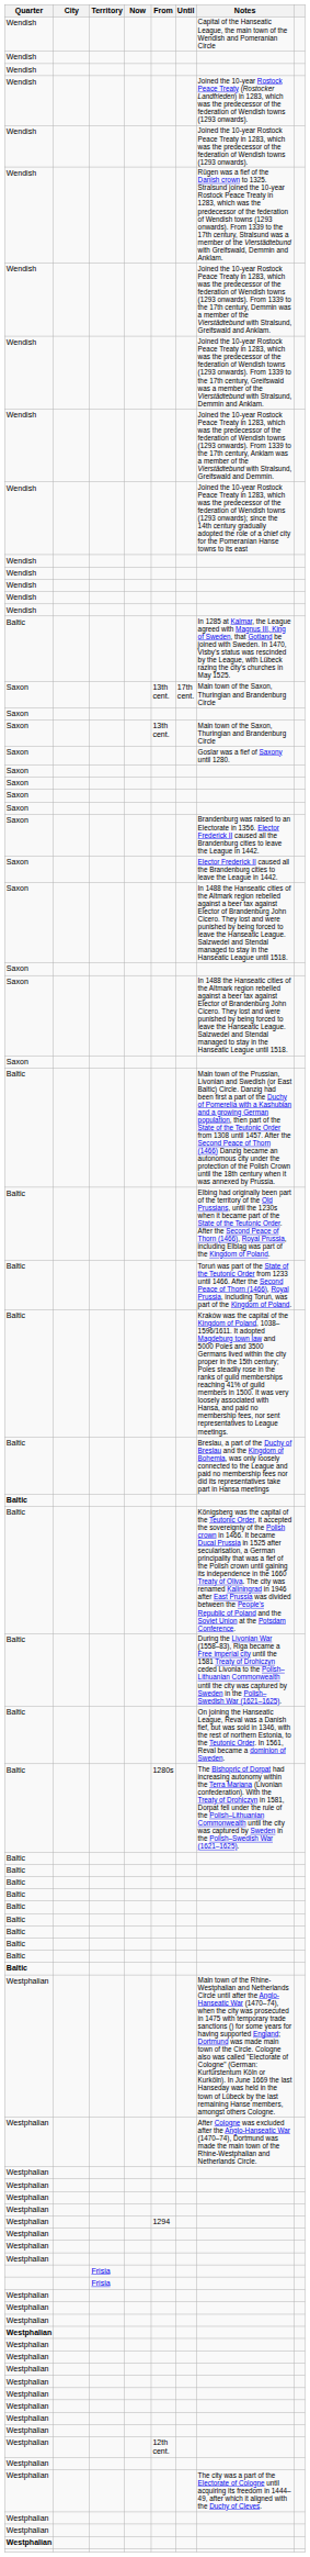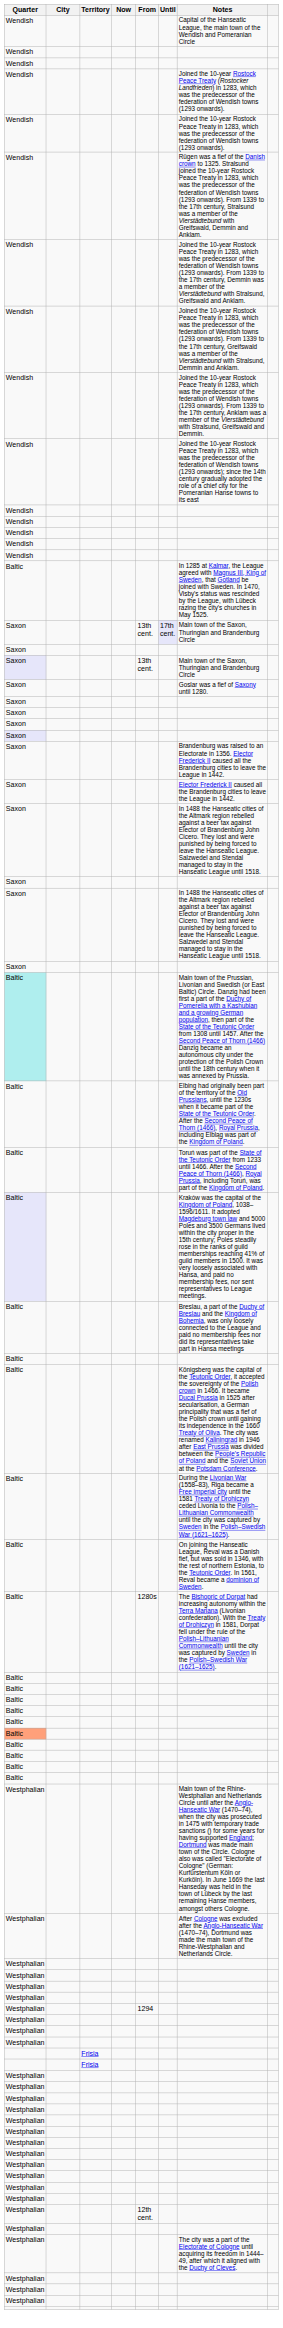 <table class="sortable wikitable" style="width: 100%">
 <tr>
 <th style="width: 10%; ">Quarter</th>
 <th style="width: 15%; ">City</th>
 <th style="width: 10%; ">Territory</th>
 <th style="width: 10%; ">Now</th>
 <th style="width: 5%; ">From</th>
 <th style="width: 5%; ">Until</th>
 <th class="unsortable" style="width: 40%;">Notes</th>
 <th class="unsortable" style="width: 5%; "></th>
 </tr>
 <tr valign="top">
 <td>Wendish</td>
 <td></td>
 <td></td>
 <td></td>
 <td></td>
 <td></td>
 <td style="font-size: 90%;">Capital of the Hanseatic League, the main town of the Wendish and Pomeranian Circle</td>
 <td> </td>
 </tr>
 <tr valign="top">
 <td>Wendish</td>
 <td></td>
 <td></td>
 <td></td>
 <td></td>
 <td></td>
 <td style="font-size: 90%;"></td>
 <td> </td>
 </tr>
 <tr valign="top">
 <td>Wendish</td>
 <td></td>
 <td></td>
 <td></td>
 <td></td>
 <td></td>
 <td style="font-size: 90%;"></td>
 <td> </td>
 </tr>
 <tr valign="top">
 <td>Wendish</td>
 <td></td>
 <td></td>
 <td></td>
 <td></td>
 <td></td>
 <td style="font-size: 90%;">Joined the 10-year <a href='#'>Rostock Peace Treaty</a> (<em>Rostocker Landfrieden</em>) in 1283, which was the predecessor of the federation of Wendish towns (1293 onwards).</td>
 <td> </td>
 </tr>
 <tr valign="top">
 <td>Wendish</td>
 <td></td>
 <td></td>
 <td></td>
 <td></td>
 <td></td>
 <td style="font-size: 90%;">Joined the 10-year Rostock Peace Treaty in 1283, which was the predecessor of the federation of Wendish towns (1293 onwards).</td>
 <td> </td>
 </tr>
 <tr valign="top">
 <td>Wendish</td>
 <td></td>
 <td></td>
 <td></td>
 <td></td>
 <td></td>
 <td style="font-size: 90%;">Rügen was a fief of the <a href='#'>Danish crown</a> to 1325. Stralsund joined the 10-year Rostock Peace Treaty in 1283, which was the predecessor of the federation of Wendish towns (1293 onwards). From 1339 to the 17th century, Stralsund was a member of the <em>Vierstädtebund</em> with Greifswald, Demmin and Anklam.</td>
 <td> </td>
 </tr>
 <tr valign="top">
 <td>Wendish</td>
 <td></td>
 <td></td>
 <td></td>
 <td></td>
 <td></td>
 <td style="font-size: 90%;">Joined the 10-year Rostock Peace Treaty in 1283, which was the predecessor of the federation of Wendish towns (1293 onwards). From 1339 to the 17th century, Demmin was a member of the <em>Vierstädtebund</em> with Stralsund, Greifswald and Anklam.</td>
 <td> </td>
 </tr>
 <tr valign="top">
 <td>Wendish</td>
 <td></td>
 <td></td>
 <td></td>
 <td></td>
 <td></td>
 <td style="font-size: 90%;">Joined the 10-year Rostock Peace Treaty in 1283, which was the predecessor of the federation of Wendish towns (1293 onwards). From 1339 to the 17th century, Greifswald was a member of the <em>Vierstädtebund</em> with Stralsund, Demmin and Anklam.</td>
 <td> </td>
 </tr>
 <tr valign="top">
 <td>Wendish</td>
 <td></td>
 <td></td>
 <td></td>
 <td></td>
 <td></td>
 <td style="font-size: 90%;">Joined the 10-year Rostock Peace Treaty in 1283, which was the predecessor of the federation of Wendish towns (1293 onwards). From 1339 to the 17th century, Anklam was a member of the <em>Vierstädtebund</em> with Stralsund, Greifswald and Demmin.</td>
 <td> </td>
 </tr>
 <tr valign="top">
 <td>Wendish</td>
 <td></td>
 <td></td>
 <td></td>
 <td></td>
 <td></td>
 <td style="font-size: 90%;">Joined the 10-year Rostock Peace Treaty in 1283, which was the predecessor of the federation of Wendish towns (1293 onwards); since the 14th century gradually adopted the role of a chief city for the Pomeranian Hanse towns to its east</td>
 <td> </td>
 </tr>
 <tr valign="top">
 <td>Wendish</td>
 <td></td>
 <td></td>
 <td></td>
 <td></td>
 <td></td>
 <td></td>
 <td></td>
 </tr>
 <tr valign="top">
 <td>Wendish</td>
 <td></td>
 <td></td>
 <td></td>
 <td></td>
 <td></td>
 <td style="font-size: 90%;"></td>
 <td> </td>
 </tr>
 <tr valign="top">
 <td>Wendish</td>
 <td></td>
 <td></td>
 <td></td>
 <td></td>
 <td></td>
 <td style="font-size: 90%;"></td>
 <td> </td>
 </tr>
 <tr valign="top">
 <td>Wendish</td>
 <td></td>
 <td></td>
 <td></td>
 <td></td>
 <td></td>
 <td style="font-size: 90%;"></td>
 <td> </td>
 </tr>
 <tr valign="top">
 <td>Wendish</td>
 <td></td>
 <td></td>
 <td></td>
 <td></td>
 <td></td>
 <td style="font-size: 90%;"></td>
 <td> </td>
 </tr>
 <tr valign="top">
 <td>Baltic</td>
 <td></td>
 <td></td>
 <td></td>
 <td></td>
 <td></td>
 <td style="font-size: 90%;">In 1285 at <a href='#'>Kalmar</a>, the League agreed with <a href='#'>Magnus III, King of Sweden</a>, that <a href='#'>Gotland</a> be joined with Sweden. In 1470, Visby's status was rescinded by the League, with Lübeck razing the city's churches in May 1525.</td>
 <td> </td>
 </tr>
 <tr valign="top">
 <td>Saxon</td>
 <td></td>
 <td></td>
 <td></td>
 <td> 13th cent.</td>
-<td> 17th cent.</td>
+<td style="background: lavender;"> 17th cent.</td>
 <td style="font-size: 90%;">Main town of the Saxon, Thuringian and Brandenburg Circle</td>
 <td> </td>
 </tr>
 <tr valign="top">
 <td>Saxon</td>
 <td></td>
 <td></td>
 <td></td>
 <td></td>
 <td></td>
 <td style="font-size: 90%;"></td>
 <td> </td>
 </tr>
 <tr valign="top">
-<td>Saxon</td>
+<td style="background: lavender;">Saxon</td>
 <td></td>
 <td></td>
 <td></td>
 <td> 13th cent.</td>
 <td></td>
 <td style="font-size: 90%;">Main town of the Saxon, Thuringian and Brandenburg Circle</td>
 <td> </td>
 </tr>
 <tr valign="top">
 <td>Saxon</td>
 <td></td>
 <td></td>
 <td></td>
 <td></td>
 <td></td>
 <td style="font-size: 90%;">Goslar was a fief of <a href='#'>Saxony</a> until 1280.</td>
 <td> </td>
 </tr>
 <tr valign="top">
 <td>Saxon</td>
 <td></td>
 <td></td>
 <td></td>
 <td></td>
 <td></td>
 <td style="font-size: 90%;"></td>
 <td> </td>
 </tr>
 <tr valign="top">
 <td>Saxon</td>
 <td></td>
 <td></td>
 <td></td>
 <td></td>
 <td></td>
 <td style="font-size: 90%;"></td>
 <td> </td>
 </tr>
 <tr valign="top">
 <td>Saxon</td>
 <td></td>
 <td></td>
 <td></td>
 <td></td>
 <td></td>
 <td style="font-size: 90%;"></td>
 <td> </td>
 </tr>
 <tr valign="top">
-<td>Saxon</td>
+<td style="background: lavender;">Saxon</td>
 <td></td>
 <td></td>
 <td></td>
 <td></td>
 <td></td>
 <td style="font-size: 90%;"></td>
 <td> </td>
 </tr>
 <tr valign="top">
 <td>Saxon</td>
 <td></td>
 <td></td>
 <td></td>
 <td></td>
 <td></td>
 <td style="font-size: 90%;">Brandenburg was raised to an Electorate in 1356. <a href='#'>Elector Frederick II</a> caused all the Brandenburg cities to leave the League in 1442.</td>
 <td> </td>
 </tr>
 <tr valign="top">
 <td>Saxon</td>
 <td></td>
 <td></td>
 <td></td>
 <td></td>
 <td></td>
 <td style="font-size: 90%;"><a href='#'>Elector Frederick II</a> caused all the Brandenburg cities to leave the League in 1442.</td>
 <td> </td>
 </tr>
 <tr valign="top">
 <td>Saxon</td>
 <td></td>
 <td></td>
 <td></td>
 <td></td>
 <td></td>
 <td style="font-size: 90%;">In 1488 the Hanseatic cities of the Altmark region rebelled against a beer tax against Elector of Brandenburg John Cicero. They lost and were punished by being forced to leave the Hanseatic League. Salzwedel and Stendal managed to stay in the Hanseatic League until 1518.</td>
 <td> </td>
 </tr>
 <tr valign="top">
 <td>Saxon</td>
 <td></td>
 <td></td>
 <td></td>
 <td></td>
 <td></td>
 <td style="font-size: 90%;"></td>
 <td></td>
 </tr>
 <tr valign="top">
 <td>Saxon</td>
 <td></td>
 <td></td>
 <td></td>
 <td></td>
 <td></td>
 <td style="font-size: 90%;">In 1488 the Hanseatic cities of the Altmark region rebelled against a beer tax against Elector of Brandenburg John Cicero. They lost and were punished by being forced to leave the Hanseatic League. Salzwedel and Stendal managed to stay in the Hanseatic League until 1518.</td>
 <td> </td>
 </tr>
 <tr valign="top">
 <td>Saxon</td>
 <td></td>
 <td></td>
 <td></td>
 <td></td>
 <td></td>
 <td style="font-size: 90%;"></td>
 <td> </td>
 </tr>
 <tr valign="top">
-<td>Baltic</td>
+<td style="background: paleturquoise;">Baltic</td>
 <td></td>
 <td></td>
 <td></td>
 <td></td>
 <td></td>
 <td style="font-size: 90%;">Main town of the Prussian, Livonian and Swedish (or East Baltic) Circle. Danzig had been first a part of the <a href='#'>Duchy of Pomerelia with a Kashubian and a growing German population</a>, then part of the <a href='#'>State of the Teutonic Order</a> from 1308 until 1457. After the <a href='#'>Second Peace of Thorn (1466)</a> Danzig became an autonomous city under the protection of the Polish Crown until the 18th century when it was annexed by Prussia.</td>
 <td> </td>
 </tr>
 <tr valign="top">
 <td>Baltic</td>
 <td></td>
 <td></td>
 <td></td>
 <td></td>
 <td></td>
 <td style="font-size: 90%;">Elbing had originally been part of the territory of the <a href='#'>Old Prussians</a>, until the 1230s when it became part of the <a href='#'>State of the Teutonic Order</a>. After the <a href='#'>Second Peace of Thorn (1466)</a>, <a href='#'>Royal Prussia</a>, including Elbląg was part of the <a href='#'>Kingdom of Poland</a>.</td>
 <td> </td>
 </tr>
 <tr valign="top">
 <td>Baltic</td>
 <td></td>
 <td></td>
 <td></td>
 <td></td>
 <td></td>
 <td style="font-size: 90%;">Toruń was part of the <a href='#'>State of the Teutonic Order</a> from 1233 until 1466. After the <a href='#'>Second Peace of Thorn (1466)</a>, <a href='#'>Royal Prussia</a>, including Toruń, was part of the <a href='#'>Kingdom of Poland</a>.</td>
 <td> </td>
 </tr>
 <tr valign="top">
-<td>Baltic</td>
+<td style="background: lavender;">Baltic</td>
 <td></td>
 <td></td>
 <td></td>
 <td></td>
 <td></td>
 <td style="font-size: 90%;">Kraków was the capital of the <a href='#'>Kingdom of Poland</a>, 1038–1596/1611. It adopted <a href='#'>Magdeburg town law</a> and 5000 Poles and 3500 Germans lived within the city proper in the 15th century; Poles steadily rose in the ranks of guild memberships reaching 41% of guild members in 1500. It was very loosely associated with Hansa, and paid no membership fees, nor sent representatives to League meetings.</td>
 <td> </td>
 </tr>
 <tr valign="top">
 <td>Baltic</td>
 <td></td>
 <td></td>
 <td></td>
 <td></td>
 <td></td>
 <td style="font-size: 90%;">Breslau, a part of the <a href='#'>Duchy of Breslau</a> and the <a href='#'>Kingdom of Bohemia</a>, was only loosely connected to the League and paid no membership fees nor did its representatives take part in Hansa meetings</td>
 <td> </td>
 </tr>
 <tr valign="top">
-<td><strong>Baltic</strong></td>
+<td>Baltic</td>
 <td></td>
 <td></td>
 <td></td>
 <td></td>
 <td></td>
 <td style="font-size: 90%;"></td>
 <td> </td>
 </tr>
 <tr valign="top">
 <td>Baltic</td>
 <td></td>
 <td></td>
 <td></td>
 <td></td>
 <td></td>
 <td style="font-size: 90%;">Königsberg was the capital of the <a href='#'>Teutonic Order</a>, it accepted the sovereignty of the <a href='#'>Polish crown</a> in 1466. It became <a href='#'>Ducal Prussia</a> in 1525 after secularisation, a German principality that was a fief of the Polish crown until gaining its independence in the 1660 <a href='#'>Treaty of Oliva</a>. The city was renamed <a href='#'>Kaliningrad</a> in 1946 after <a href='#'>East Prussia</a> was divided between the <a href='#'>People's Republic of Poland</a> and the <a href='#'>Soviet Union</a> at the <a href='#'>Potsdam Conference</a>.</td>
 <td> </td>
 </tr>
 <tr valign="top">
 <td>Baltic</td>
 <td></td>
 <td></td>
 <td></td>
 <td></td>
 <td></td>
 <td style="font-size: 90%;">During the <a href='#'>Livonian War</a> (1558–83), Riga became a <a href='#'>Free imperial city</a> until the 1581 <a href='#'>Treaty of Drohiczyn</a> ceded Livonia to the <a href='#'>Polish–Lithuanian Commonwealth</a> until the city was captured by <a href='#'>Sweden</a> in the <a href='#'>Polish–Swedish War (1621–1625)</a>.</td>
 <td> </td>
 </tr>
 <tr valign="top">
 <td>Baltic</td>
 <td></td>
 <td></td>
 <td></td>
 <td></td>
 <td></td>
 <td style="font-size: 90%;">On joining the Hanseatic League, Reval was a Danish fief, but was sold in 1346, with the rest of northern Estonia, to the <a href='#'>Teutonic Order</a>. In 1561, Reval became a <a href='#'>dominion of</a> <a href='#'>Sweden</a>.</td>
 <td> </td>
 </tr>
 <tr valign="top">
 <td>Baltic</td>
 <td></td>
 <td></td>
 <td></td>
 <td> 1280s</td>
 <td></td>
 <td style="font-size: 90%;">The <a href='#'>Bishopric of Dorpat</a> had increasing autonomy within the <a href='#'>Terra Mariana</a> (Livonian confederation). With the <a href='#'>Treaty of Drohiczyn</a> in 1581, Dorpat fell under the rule of the <a href='#'>Polish–Lithuanian Commonwealth</a> until the city was captured by <a href='#'>Sweden</a> in the <a href='#'>Polish–Swedish War (1621–1625)</a>.</td>
 <td> </td>
 </tr>
 <tr valign="top">
 <td>Baltic</td>
 <td></td>
 <td></td>
 <td></td>
 <td></td>
 <td></td>
 <td style="font-size: 90%;"></td>
 <td> </td>
 </tr>
 <tr valign="top">
 <td>Baltic</td>
 <td></td>
 <td></td>
 <td></td>
 <td></td>
 <td></td>
 <td style="font-size: 90%;"></td>
 <td> </td>
 </tr>
 <tr valign="top">
 <td>Baltic</td>
 <td></td>
 <td></td>
 <td></td>
 <td></td>
 <td></td>
 <td style="font-size: 90%;"></td>
 <td> </td>
 </tr>
 <tr valign="top">
 <td>Baltic</td>
 <td></td>
 <td></td>
 <td></td>
 <td></td>
 <td></td>
 <td style="font-size: 90%;"></td>
 <td> </td>
 </tr>
 <tr valign="top">
 <td>Baltic</td>
 <td></td>
 <td></td>
 <td></td>
 <td></td>
 <td></td>
 <td style="font-size: 90%;"></td>
 <td> </td>
 </tr>
 <tr valign="top">
-<td>Baltic</td>
+<td style="background: lightsalmon;">Baltic</td>
 <td></td>
 <td></td>
 <td></td>
 <td></td>
 <td></td>
 <td style="font-size: 90%;"></td>
 <td> </td>
 </tr>
 <tr valign="top">
 <td>Baltic</td>
 <td></td>
 <td></td>
 <td></td>
 <td></td>
 <td></td>
 <td style="font-size: 90%;"></td>
 <td> </td>
 </tr>
 <tr valign="top">
 <td>Baltic</td>
 <td></td>
 <td></td>
 <td></td>
 <td></td>
 <td></td>
 <td style="font-size: 90%;"></td>
 <td> </td>
 </tr>
 <tr valign="top">
 <td>Baltic</td>
 <td></td>
 <td></td>
 <td></td>
 <td></td>
 <td></td>
 <td style="font-size: 90%;"></td>
 <td> </td>
 </tr>
 <tr valign="top">
-<td><strong>Baltic</strong></td>
+<td>Baltic</td>
 <td></td>
 <td></td>
 <td></td>
 <td></td>
 <td></td>
 <td style="font-size: 90%;"></td>
 <td> </td>
 </tr>
 <tr valign="top">
 <td>Westphalian</td>
 <td></td>
 <td></td>
 <td></td>
 <td></td>
 <td></td>
 <td style="font-size: 90%;">Main town of the Rhine-Westphalian and Netherlands Circle until after the <a href='#'>Anglo-Hanseatic War</a> (1470–74), when the city was prosecuted in 1475 with temporary trade sanctions () for some years for having supported <a href='#'>England</a>; <a href='#'>Dortmund</a> was made main town of the Circle. Cologne also was called "Electorate of Cologne" (German: Kurfürstentum Köln or Kurköln). In June 1669 the last Hanseday was held in the town of Lübeck by the last remaining Hanse members, amongst others Cologne.</td>
 <td> </td>
 </tr>
 <tr valign="top">
 <td>Westphalian</td>
 <td></td>
 <td></td>
 <td></td>
 <td></td>
 <td></td>
 <td style="font-size: 90%;">After <a href='#'>Cologne</a> was excluded after the <a href='#'>Anglo-Hanseatic War</a> (1470–74), Dortmund was made the main town of the Rhine-Westphalian and Netherlands Circle.</td>
 <td> </td>
 </tr>
 <tr valign="top">
 <td>Westphalian</td>
 <td></td>
 <td></td>
 <td></td>
 <td></td>
 <td></td>
 <td style="font-size: 90%;"></td>
 <td> </td>
 </tr>
 <tr valign="top">
 <td>Westphalian</td>
 <td></td>
 <td></td>
 <td></td>
 <td></td>
 <td></td>
 <td style="font-size: 90%;"></td>
 <td> </td>
 </tr>
 <tr valign="top">
 <td>Westphalian</td>
 <td></td>
 <td></td>
 <td></td>
 <td></td>
 <td></td>
 <td style="font-size: 90%;"></td>
 <td> </td>
 </tr>
 <tr valign="top">
 <td>Westphalian</td>
 <td></td>
 <td></td>
 <td></td>
 <td></td>
 <td></td>
 <td style="font-size: 90%;"></td>
 <td> </td>
 </tr>
 <tr valign="top">
 <td>Westphalian</td>
 <td></td>
 <td></td>
 <td></td>
 <td>1294</td>
 <td></td>
 <td style="font-size: 90%;"></td>
 <td> </td>
 </tr>
 <tr valign="top">
 <td>Westphalian</td>
 <td></td>
 <td></td>
 <td></td>
 <td></td>
 <td></td>
 <td></td>
 <td> </td>
 </tr>
 <tr valign="top">
 <td>Westphalian</td>
 <td></td>
 <td></td>
 <td></td>
 <td></td>
 <td></td>
 <td style="font-size: 90%;"></td>
 <td> </td>
 </tr>
 <tr valign="top">
 <td>Westphalian</td>
 <td></td>
 <td></td>
 <td></td>
 <td></td>
 <td></td>
 <td style="font-size: 90%;"></td>
 <td> </td>
 </tr>
 <tr valign="top">
 <td></td>
 <td></td>
 <td><a href='#'>Frisia</a></td>
 <td></td>
 <td></td>
 <td></td>
 <td style="font-size: 90%;"></td>
 <td> </td>
 </tr>
 <tr valign="top">
 <td></td>
 <td></td>
 <td><a href='#'>Frisia</a></td>
 <td></td>
 <td></td>
 <td></td>
 <td style="font-size: 90%;"></td>
 <td> </td>
 </tr>
 <tr valign="top">
 <td>Westphalian</td>
 <td></td>
 <td></td>
 <td></td>
 <td></td>
 <td></td>
 <td style="font-size: 90%;"></td>
 <td> </td>
 </tr>
 <tr valign="top">
 <td>Westphalian</td>
 <td></td>
 <td></td>
 <td></td>
 <td></td>
 <td></td>
 <td style="font-size: 90%;"></td>
 <td> </td>
 </tr>
 <tr valign="top">
 <td>Westphalian</td>
 <td></td>
 <td></td>
 <td></td>
 <td></td>
 <td></td>
 <td style="font-size: 90%;"></td>
 <td> </td>
 </tr>
 <tr valign="top">
-<td><strong>Westphalian</strong></td>
+<td>Westphalian</td>
 <td></td>
 <td></td>
 <td></td>
 <td></td>
 <td></td>
 <td style="font-size: 90%;"></td>
 <td> </td>
 </tr>
 <tr valign="top">
 <td>Westphalian</td>
 <td></td>
 <td></td>
 <td></td>
 <td></td>
 <td></td>
 <td style="font-size: 90%;"></td>
 <td> </td>
 </tr>
 <tr valign="top">
 <td>Westphalian</td>
 <td></td>
 <td></td>
 <td></td>
 <td></td>
 <td></td>
 <td style="font-size: 90%;"></td>
 <td> </td>
 </tr>
 <tr valign="top">
 <td>Westphalian</td>
 <td></td>
 <td></td>
 <td></td>
 <td></td>
 <td></td>
 <td style="font-size: 90%;"></td>
 <td> </td>
 </tr>
 <tr valign="top">
 <td>Westphalian</td>
 <td></td>
 <td></td>
 <td></td>
 <td></td>
 <td></td>
 <td style="font-size: 90%;"></td>
 <td> </td>
 </tr>
 <tr valign="top">
 <td>Westphalian</td>
 <td></td>
 <td></td>
 <td></td>
 <td></td>
 <td></td>
 <td style="font-size: 90%;"></td>
 <td> </td>
 </tr>
 <tr valign="top">
 <td>Westphalian</td>
 <td></td>
 <td></td>
 <td></td>
 <td></td>
 <td></td>
 <td style="font-size: 90%;"></td>
 <td> </td>
 </tr>
 <tr valign="top">
 <td>Westphalian</td>
 <td></td>
 <td></td>
 <td></td>
 <td></td>
 <td></td>
 <td style="font-size: 90%;"></td>
 <td> </td>
 </tr>
 <tr valign="top">
 <td>Westphalian</td>
 <td></td>
 <td></td>
 <td></td>
 <td></td>
 <td></td>
 <td style="font-size: 90%;"></td>
 <td> </td>
 </tr>
 <tr valign="top">
 <td>Westphalian</td>
 <td></td>
 <td></td>
 <td></td>
 <td> 12th cent.</td>
 <td></td>
 <td style="font-size: 90%;"></td>
 <td> </td>
 </tr>
 <tr valign="top">
 <td>Westphalian</td>
 <td></td>
 <td></td>
 <td></td>
 <td></td>
 <td></td>
 <td style="font-size: 90%;"></td>
 <td> </td>
 </tr>
 <tr valign="top">
 <td>Westphalian</td>
 <td></td>
 <td></td>
 <td></td>
 <td></td>
 <td></td>
 <td style="font-size: 90%;">The city was a part of the <a href='#'>Electorate of Cologne</a> until acquiring its freedom in 1444–49, after which it aligned with the <a href='#'>Duchy of Cleves</a>.</td>
 <td> </td>
 </tr>
 <tr valign="top">
 <td>Westphalian</td>
 <td></td>
 <td></td>
 <td></td>
 <td></td>
 <td></td>
 <td style="font-size: 90%;"></td>
 <td> </td>
 </tr>
 <tr valign="top">
 <td>Westphalian</td>
 <td></td>
 <td></td>
 <td></td>
 <td></td>
 <td></td>
 <td style="font-size: 90%;"></td>
 <td> </td>
 </tr>
 <tr valign="top">
-<td><strong>Westphalian</strong></td>
+<td>Westphalian</td>
 <td></td>
 <td></td>
 <td></td>
 <td></td>
 <td></td>
 <td style="font-size: 90%;"></td>
 <td> </td>
 </tr>
 <tr valign="top">
 <td></td>
 <td></td>
 <td></td>
 <td></td>
 <td></td>
 <td></td>
 <td style="font-size: 90%;"></td>
 <td> </td>
 </tr>
 </table>
